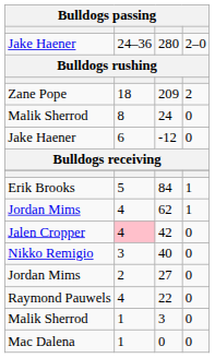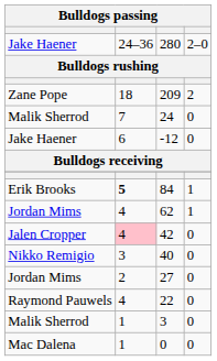 <table class="wikitable plainrowheaders">
 <tr>
 <th colspan="6">Bulldogs passing</th>
 </tr>
 <tr>
 <th scope="col"></th>
 <th scope="col"></th>
 <th scope="col"></th>
 <th scope="col"></th>
 </tr>
 <tr>
 <td><a href='#'>Jake Haener</a></td>
 <td>24–36</td>
 <td>280</td>
 <td>2–0</td>
 </tr>
 <tr>
 <th colspan="6">Bulldogs rushing</th>
 </tr>
 <tr>
 <th scope="col"></th>
 <th scope="col"></th>
 <th scope="col"></th>
 <th scope="col"></th>
 </tr>
 <tr>
 <td>Zane Pope</td>
 <td>18</td>
 <td>209</td>
 <td>2</td>
 </tr>
 <tr>
 <td>Malik Sherrod</td>
-<td>8</td>
+<td>7</td>
 <td>24</td>
 <td>0</td>
 </tr>
 <tr>
 <td>Jake Haener</td>
 <td>6</td>
 <td>-12</td>
 <td>0</td>
 </tr>
 <tr>
 <th colspan="6">Bulldogs receiving</th>
 </tr>
 <tr>
 </tr>
 <tr>
 <th scope="col"></th>
 <th scope="col"></th>
 <th scope="col"></th>
 <th scope="col"></th>
 </tr>
 <tr>
 <td>Erik Brooks</td>
-<td>5</td>
+<td><strong>5</strong></td>
 <td>84</td>
 <td>1</td>
 </tr>
 <tr>
 <td><a href='#'>Jordan Mims</a></td>
 <td>4</td>
 <td>62</td>
 <td>1</td>
 </tr>
 <tr>
 <td><a href='#'>Jalen Cropper</a></td>
 <td style="background: pink;">4</td>
 <td>42</td>
 <td>0</td>
 </tr>
 <tr>
 <td><a href='#'>Nikko Remigio</a></td>
 <td>3</td>
 <td>40</td>
 <td>0</td>
 </tr>
 <tr>
 <td>Jordan Mims</td>
 <td>2</td>
 <td>27</td>
 <td>0</td>
 </tr>
 <tr>
 <td>Raymond Pauwels</td>
 <td>4</td>
 <td>22</td>
 <td>0</td>
 </tr>
 <tr>
 <td>Malik Sherrod</td>
 <td>1</td>
 <td>3</td>
 <td>0</td>
 </tr>
 <tr>
 <td>Mac Dalena</td>
 <td>1</td>
 <td>0</td>
 <td>0</td>
 </tr>
 </table>
